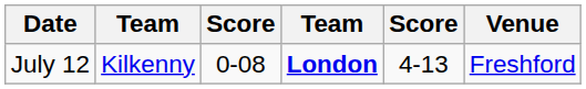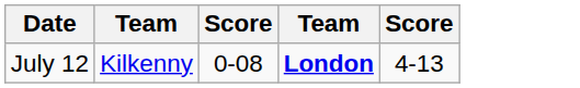 <table class="wikitable">
 <tr>
 <th>Date</th>
 <th>Team</th>
 <th>Score</th>
 <th>Team</th>
 <th>Score</th>
-<th>Venue</th>
 </tr>
 <tr align="center">
 <td>July 12</td>
 <td><a href='#'>Kilkenny</a></td>
 <td>0-08</td>
 <td><strong><a href='#'>London</a></strong></td>
 <td>4-13</td>
-<td><a href='#'>Freshford</a></td>
 </tr>
 </table>
